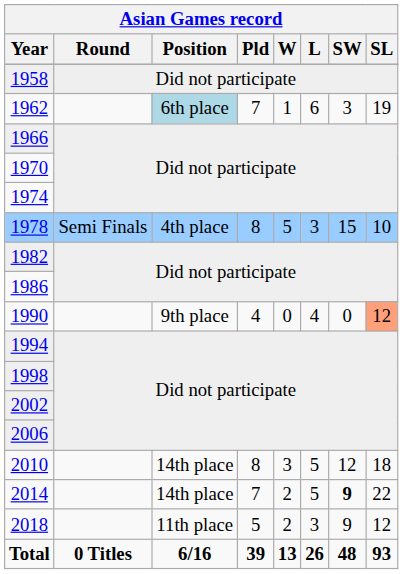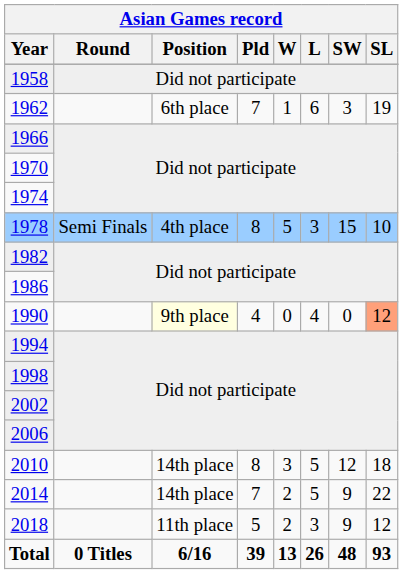 <table class="wikitable" style="text-align: center;">
 <tr>
 <th colspan=8><a href='#'>Asian Games record</a></th>
 </tr>
 <tr>
 <th>Year</th>
 <th>Round</th>
 <th>Position</th>
 <th>Pld</th>
 <th>W</th>
 <th>L</th>
 <th>SW</th>
 <th>SL</th>
 </tr>
 <tr>
 </tr>
 <tr bgcolor="efefef">
 <td> <a href='#'>1958</a></td>
 <td colspan=8 rowspan=1>Did not participate</td>
 </tr>
 <tr>
 <td> <a href='#'>1962</a></td>
 <td></td>
-<td style="background: lightblue;">6th place</td>
+<td>6th place</td>
 <td>7</td>
 <td>1</td>
 <td>6</td>
 <td>3</td>
 <td>19</td>
 </tr>
 <tr bgcolor="efefef">
 <td> <a href='#'>1966</a></td>
 <td colspan=8 rowspan=3>Did not participate</td>
 </tr>
 <tr>
 <td> <a href='#'>1970</a></td>
 </tr>
 <tr>
 <td> <a href='#'>1974</a></td>
 </tr>
 <tr bgcolor="9acdff">
 <td> <a href='#'>1978</a></td>
 <td>Semi Finals</td>
 <td>4th place</td>
 <td>8</td>
 <td>5</td>
 <td>3</td>
 <td>15</td>
 <td>10</td>
 </tr>
 <tr bgcolor="efefef">
 <td> <a href='#'>1982</a></td>
 <td colspan=8 rowspan=2>Did not participate</td>
 </tr>
 <tr>
 <td> <a href='#'>1986</a></td>
 </tr>
 <tr>
 <td> <a href='#'>1990</a></td>
 <td></td>
-<td>9th place</td>
+<td style="background: lightyellow;">9th place</td>
 <td>4</td>
 <td>0</td>
 <td>4</td>
 <td>0</td>
 <td style="background: lightsalmon;">12</td>
 </tr>
 <tr bgcolor="efefef">
 <td> <a href='#'>1994</a></td>
 <td colspan=8 rowspan=4>Did not participate</td>
 </tr>
 <tr bgcolor="efefef">
 <td> <a href='#'>1998</a></td>
 </tr>
 <tr bgcolor="efefef">
 <td> <a href='#'>2002</a></td>
 </tr>
 <tr bgcolor="efefef">
 <td> <a href='#'>2006</a></td>
 </tr>
 <tr>
 <td> <a href='#'>2010</a></td>
 <td></td>
 <td>14th place</td>
 <td>8</td>
 <td>3</td>
 <td>5</td>
 <td>12</td>
 <td>18</td>
 </tr>
 <tr>
 <td> <a href='#'>2014</a></td>
 <td></td>
 <td>14th place</td>
 <td>7</td>
 <td>2</td>
 <td>5</td>
-<td><strong>9</strong></td>
+<td>9</td>
 <td>22</td>
 </tr>
 <tr>
 <td> <a href='#'>2018</a></td>
 <td></td>
 <td>11th place</td>
 <td>5</td>
 <td>2</td>
 <td>3</td>
 <td>9</td>
 <td>12</td>
 </tr>
 <tr>
 <td><strong>Total</strong></td>
 <td><strong>0 Titles</strong></td>
 <td><strong>6/16</strong></td>
 <td><strong>39</strong></td>
 <td><strong>13</strong></td>
 <td><strong>26</strong></td>
 <td><strong>48</strong></td>
 <td><strong>93</strong></td>
 </tr>
 </table>
